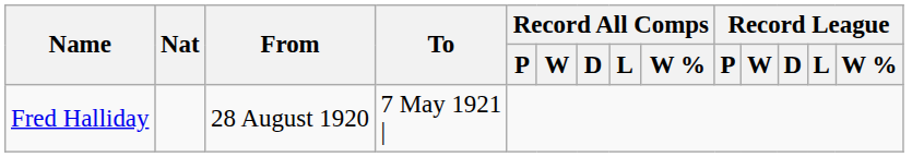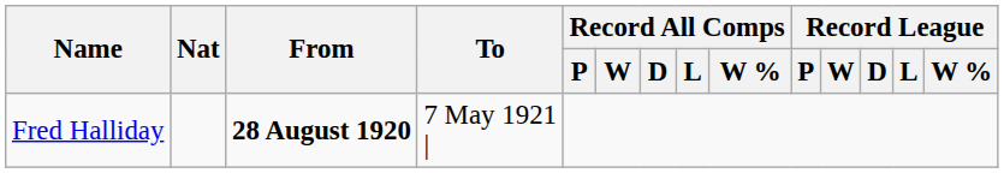 <table class="wikitable" style="text-align: center">
 <tr>
 <th rowspan="2">Name</th>
 <th rowspan="2">Nat</th>
 <th rowspan="2">From</th>
 <th rowspan="2">To</th>
 <th colspan="5">Record All Comps</th>
 <th colspan="5">Record League</th>
 </tr>
 <tr>
 <th>P</th>
 <th>W</th>
 <th>D</th>
 <th>L</th>
 <th>W %</th>
 <th>P</th>
 <th>W</th>
 <th>D</th>
 <th>L</th>
 <th>W %</th>
 </tr>
 <tr>
 <td align=left><a href='#'>Fred Halliday</a></td>
 <td></td>
-<td align=left>28 August 1920</td>
+<td align=left><strong>28 August 1920</strong></td>
 <td align=left>7 May 1921<br>|</td>
 </tr>
 </table>
